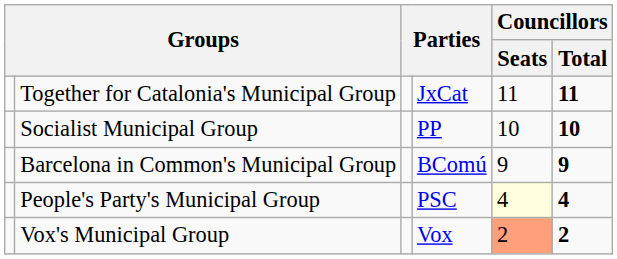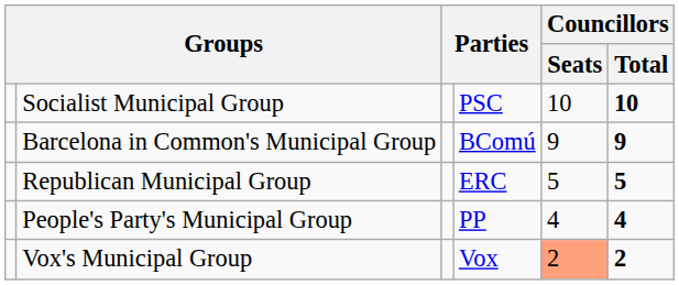 <table class="wikitable" style="text-align:left;">
 <tr>
 <th rowspan="2" colspan="2">Groups</th>
 <th rowspan="2" colspan="2">Parties</th>
 <th colspan="2">Councillors</th>
 </tr>
 <tr>
 <th>Seats</th>
 <th>Total</th>
 </tr>
 <tr>
 <td style="color:inherit;background:"></td>
-<td>Together for Catalonia's Municipal Group</td>
-<td style="color:inherit;background:"></td>
-<td><a href='#'>JxCat</a></td>
-<td>11</td>
-<td><strong>11</strong></td>
-</tr>
-<tr>
-<td style="color:inherit;background:"></td>
 <td>Socialist Municipal Group</td>
 <td style="color:inherit;background:"></td>
-<td><a href='#'>PP</a></td>
+<td><a href='#'>PSC</a></td>
 <td>10</td>
 <td><strong>10</strong></td>
 </tr>
 <tr>
 <td style="color:inherit;background:"></td>
 <td>Barcelona in Common's Municipal Group</td>
 <td style="color:inherit;background:"></td>
 <td><a href='#'>BComú</a></td>
 <td>9</td>
 <td><strong>9</strong></td>
 </tr>
 <tr>
+<td></td>
+<td>Republican Municipal Group</td>
+<td style="color:inherit;background:"></td>
+<td><a href='#'>ERC</a></td>
+<td>5</td>
+<td><strong>5</strong></td>
+</tr>
+<tr>
 <td style="color:inherit;background:"></td>
 <td>People's Party's Municipal Group</td>
 <td style="color:inherit;background:"></td>
-<td><a href='#'>PSC</a></td>
-<td style="background: lightyellow;">4</td>
+<td><a href='#'>PP</a></td>
+<td>4</td>
 <td><strong>4</strong></td>
 </tr>
 <tr>
 <td style="color:inherit;background:"></td>
 <td>Vox's Municipal Group</td>
 <td style="color:inherit;background:"></td>
 <td><a href='#'>Vox</a></td>
 <td style="background: lightsalmon;">2</td>
 <td><strong>2</strong></td>
 </tr>
 </table>
